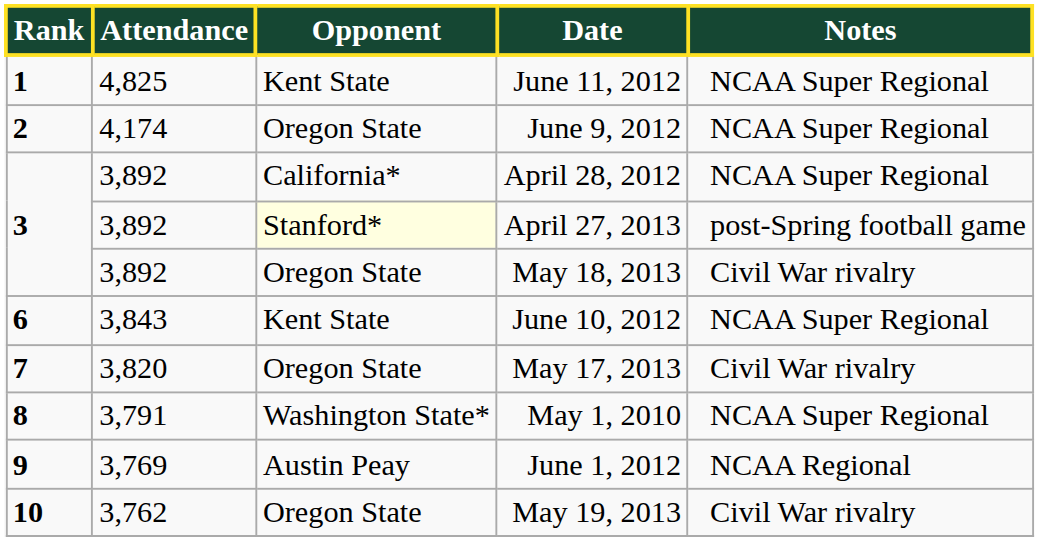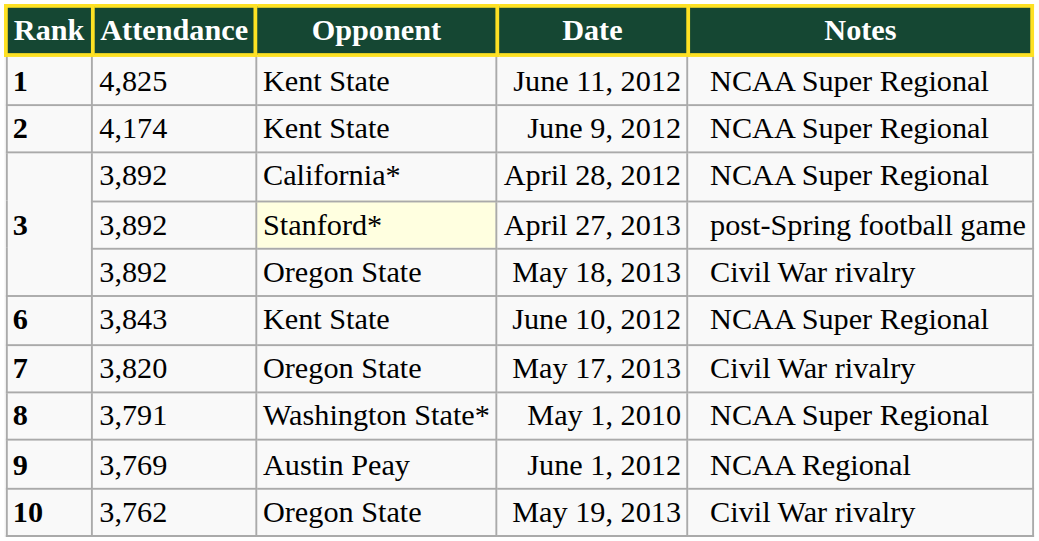 <table class="wikitable">
 <tr>
 <th style="background: #154733; color: #FFFFFF; border: 2px solid #FEE123;">Rank</th>
 <th style="background: #154733; color: #FFFFFF; border: 2px solid #FEE123;">Attendance</th>
 <th style="background: #154733; color: #FFFFFF; border: 2px solid #FEE123;">Opponent</th>
 <th style="background: #154733; color: #FFFFFF; border: 2px solid #FEE123;">Date</th>
 <th style="background: #154733; color: #FFFFFF; border: 2px solid #FEE123;">Notes</th>
 </tr>
 <tr>
 <td><strong>1</strong></td>
 <td>4,825</td>
 <td align=left>Kent State</td>
 <td align=right>June 11, 2012</td>
 <td align=left>  NCAA Super Regional</td>
 </tr>
 <tr>
 <td><strong>2</strong></td>
 <td>4,174</td>
-<td align=left>Oregon State</td>
+<td align=left>Kent State</td>
 <td align=right>June 9, 2012</td>
 <td align=left>  NCAA Super Regional</td>
 </tr>
 <tr>
 <td rowspan=3><strong>3</strong></td>
 <td>3,892</td>
 <td align=left>California*</td>
 <td align=right>April 28, 2012</td>
 <td align=left>  NCAA Super Regional</td>
 </tr>
 <tr>
 <td>3,892</td>
 <td align=left style="background: lightyellow;">Stanford*</td>
 <td align=right>April 27, 2013</td>
 <td align=left>  post-Spring football game</td>
 </tr>
 <tr>
 <td>3,892</td>
 <td align=left>Oregon State</td>
 <td align=right>May 18, 2013</td>
 <td align=left>  Civil War rivalry</td>
 </tr>
 <tr>
 <td><strong>6</strong></td>
 <td>3,843</td>
 <td align=left>Kent State</td>
 <td align=right>June 10, 2012</td>
 <td align=left>  NCAA Super Regional</td>
 </tr>
 <tr>
 <td><strong>7</strong></td>
 <td>3,820</td>
 <td align=left>Oregon State</td>
 <td align=right>May 17, 2013</td>
 <td align=left>  Civil War rivalry</td>
 </tr>
 <tr>
 <td><strong>8</strong></td>
 <td>3,791</td>
 <td align=left>Washington State*</td>
 <td align=right>May 1, 2010</td>
 <td align=left>  NCAA Super Regional</td>
 </tr>
 <tr>
 <td><strong>9</strong></td>
 <td>3,769</td>
 <td align=left>Austin Peay</td>
 <td align=right>June 1, 2012</td>
 <td align=left>  NCAA Regional</td>
 </tr>
 <tr>
 <td><strong>10</strong></td>
 <td>3,762</td>
 <td align=left>Oregon State</td>
 <td align=right>May 19, 2013</td>
 <td align=left>  Civil War rivalry</td>
 </tr>
 <tr>
 </tr>
 </table>
